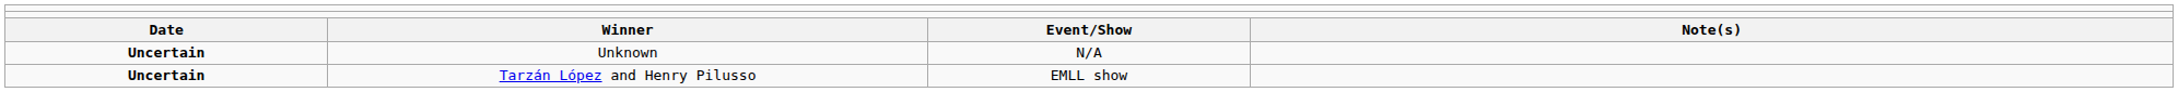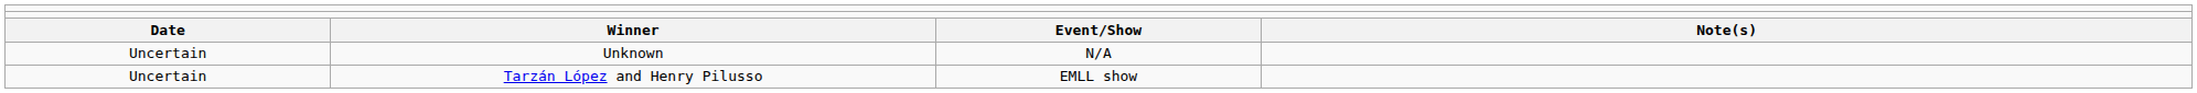 <table class="wikitable" style="text-align:center; width:100%;">
 <tr>
 <td colspan=5></td>
 </tr>
 <tr>
 <td colspan=5><strong></strong></td>
 </tr>
 <tr>
 <th width=14%>Date</th>
 <th width=26%>Winner</th>
 <th width=14%>Event/Show</th>
 <th width=40%>Note(s)</th>
 </tr>
 <tr>
-<td><strong>Uncertain</strong></td>
+<td>Uncertain</td>
 <td>Unknown</td>
 <td>N/A</td>
 <td align=left></td>
 </tr>
 <tr>
-<td><strong>Uncertain</strong></td>
+<td>Uncertain</td>
 <td><a href='#'>Tarzán López</a> and Henry Pilusso</td>
 <td>EMLL show</td>
 <td align=left></td>
 </tr>
 </table>
